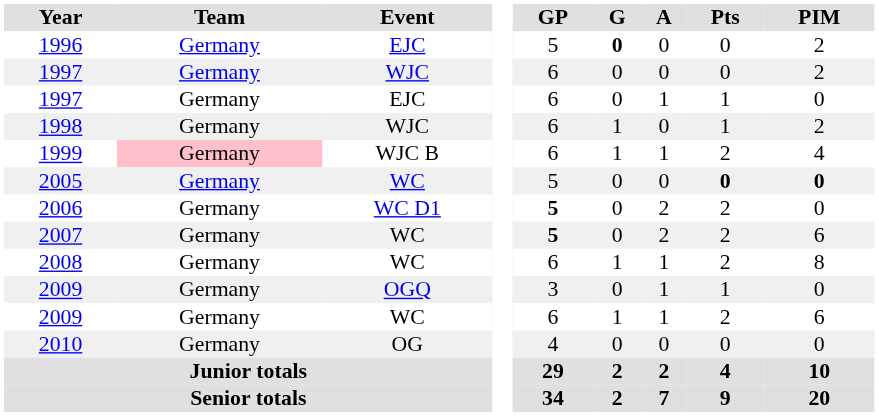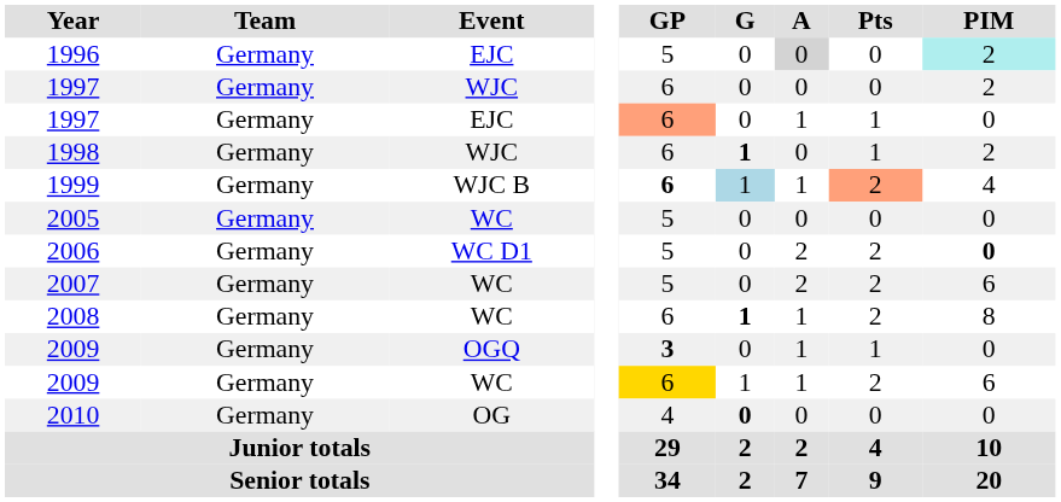 <table border="0" cellpadding="1" cellspacing="0" style="text-align:center; width:40em">
 <tr ALIGN="center" bgcolor="#e0e0e0">
 <th>Year</th>
 <th>Team</th>
 <th>Event</th>
 <th ALIGN="center" rowspan="99" bgcolor="#ffffff"> </th>
 <th>GP</th>
 <th>G</th>
 <th>A</th>
 <th>Pts</th>
 <th>PIM</th>
 </tr>
 <tr>
 <td><a href='#'>1996</a></td>
 <td><a href='#'>Germany</a></td>
 <td><a href='#'>EJC</a></td>
 <td>5</td>
-<td><strong>0</strong></td>
 <td>0</td>
+<td style="background: lightgrey;">0</td>
 <td>0</td>
-<td>2</td>
+<td style="background: paleturquoise;">2</td>
 </tr>
 <tr bgcolor="#f0f0f0">
 <td><a href='#'>1997</a></td>
 <td><a href='#'>Germany</a></td>
 <td><a href='#'>WJC</a></td>
 <td>6</td>
 <td>0</td>
 <td>0</td>
 <td>0</td>
 <td>2</td>
 </tr>
 <tr>
 <td><a href='#'>1997</a></td>
 <td>Germany</td>
 <td>EJC</td>
-<td>6</td>
+<td style="background: lightsalmon;">6</td>
 <td>0</td>
 <td>1</td>
 <td>1</td>
 <td>0</td>
 </tr>
 <tr bgcolor="#f0f0f0">
 <td><a href='#'>1998</a></td>
 <td>Germany</td>
 <td>WJC</td>
 <td>6</td>
-<td>1</td>
+<td><strong>1</strong></td>
 <td>0</td>
 <td>1</td>
 <td>2</td>
 </tr>
 <tr>
 <td><a href='#'>1999</a></td>
-<td style="background: pink;">Germany</td>
+<td>Germany</td>
 <td>WJC B</td>
-<td>6</td>
+<td><strong>6</strong></td>
+<td style="background: lightblue;">1</td>
 <td>1</td>
-<td>1</td>
-<td>2</td>
+<td style="background: lightsalmon;">2</td>
 <td>4</td>
 </tr>
 <tr bgcolor="#f0f0f0">
 <td><a href='#'>2005</a></td>
 <td><a href='#'>Germany</a></td>
 <td><a href='#'>WC</a></td>
 <td>5</td>
 <td>0</td>
 <td>0</td>
-<td><strong>0</strong></td>
-<td><strong>0</strong></td>
+<td>0</td>
+<td>0</td>
 </tr>
 <tr>
 <td><a href='#'>2006</a></td>
 <td>Germany</td>
 <td><a href='#'>WC D1</a></td>
-<td><strong>5</strong></td>
+<td>5</td>
 <td>0</td>
 <td>2</td>
 <td>2</td>
-<td>0</td>
+<td><strong>0</strong></td>
 </tr>
 <tr bgcolor="#f0f0f0">
 <td><a href='#'>2007</a></td>
 <td>Germany</td>
 <td>WC</td>
-<td><strong>5</strong></td>
+<td>5</td>
 <td>0</td>
 <td>2</td>
 <td>2</td>
 <td>6</td>
 </tr>
 <tr>
 <td><a href='#'>2008</a></td>
 <td>Germany</td>
 <td>WC</td>
 <td>6</td>
-<td>1</td>
+<td><strong>1</strong></td>
 <td>1</td>
 <td>2</td>
 <td>8</td>
 </tr>
 <tr bgcolor="#f0f0f0">
 <td><a href='#'>2009</a></td>
 <td>Germany</td>
 <td><a href='#'>OGQ</a></td>
-<td>3</td>
+<td><strong>3</strong></td>
 <td>0</td>
 <td>1</td>
 <td>1</td>
 <td>0</td>
 </tr>
 <tr>
 <td><a href='#'>2009</a></td>
 <td>Germany</td>
 <td>WC</td>
-<td>6</td>
+<td style="background: gold;">6</td>
 <td>1</td>
 <td>1</td>
 <td>2</td>
 <td>6</td>
 </tr>
 <tr bgcolor="#f0f0f0">
 <td><a href='#'>2010</a></td>
 <td>Germany</td>
 <td>OG</td>
 <td>4</td>
-<td>0</td>
+<td><strong>0</strong></td>
 <td>0</td>
 <td>0</td>
 <td>0</td>
 </tr>
 <tr bgcolor="#e0e0e0">
 <th colspan="3">Junior totals</th>
 <th>29</th>
 <th>2</th>
 <th>2</th>
 <th>4</th>
 <th>10</th>
 </tr>
 <tr bgcolor="#e0e0e0">
 <th colspan="3">Senior totals</th>
 <th>34</th>
 <th>2</th>
 <th>7</th>
 <th>9</th>
 <th>20</th>
 </tr>
 </table>
